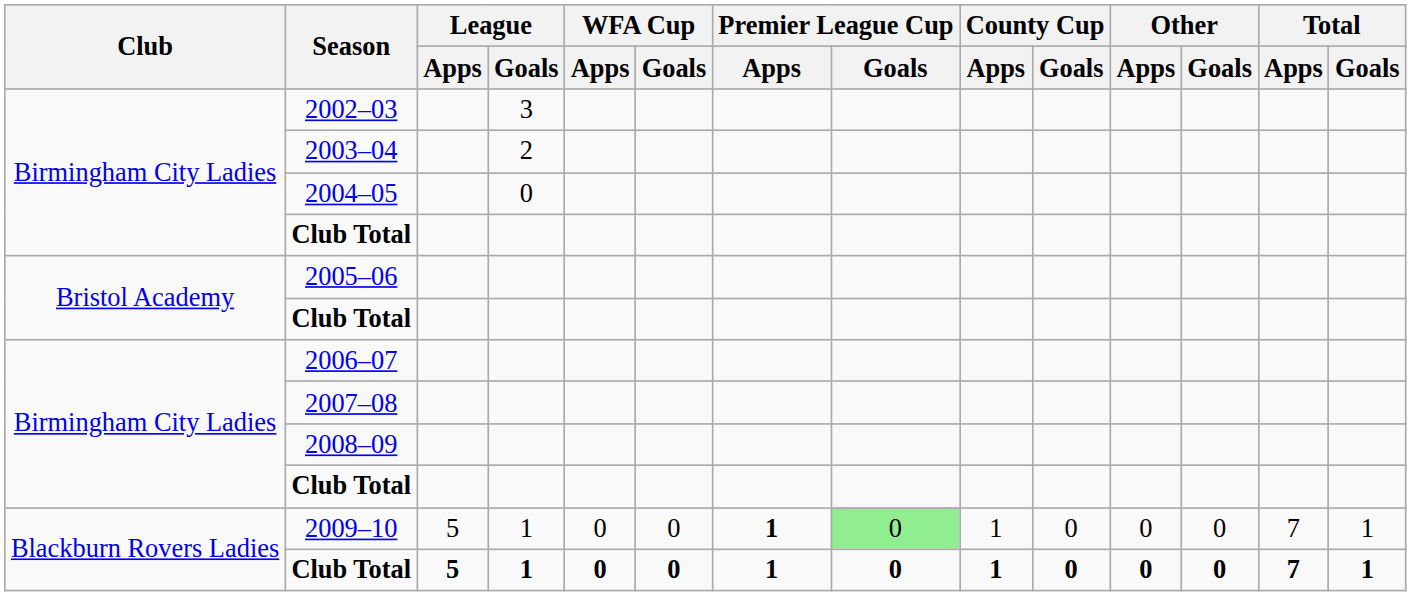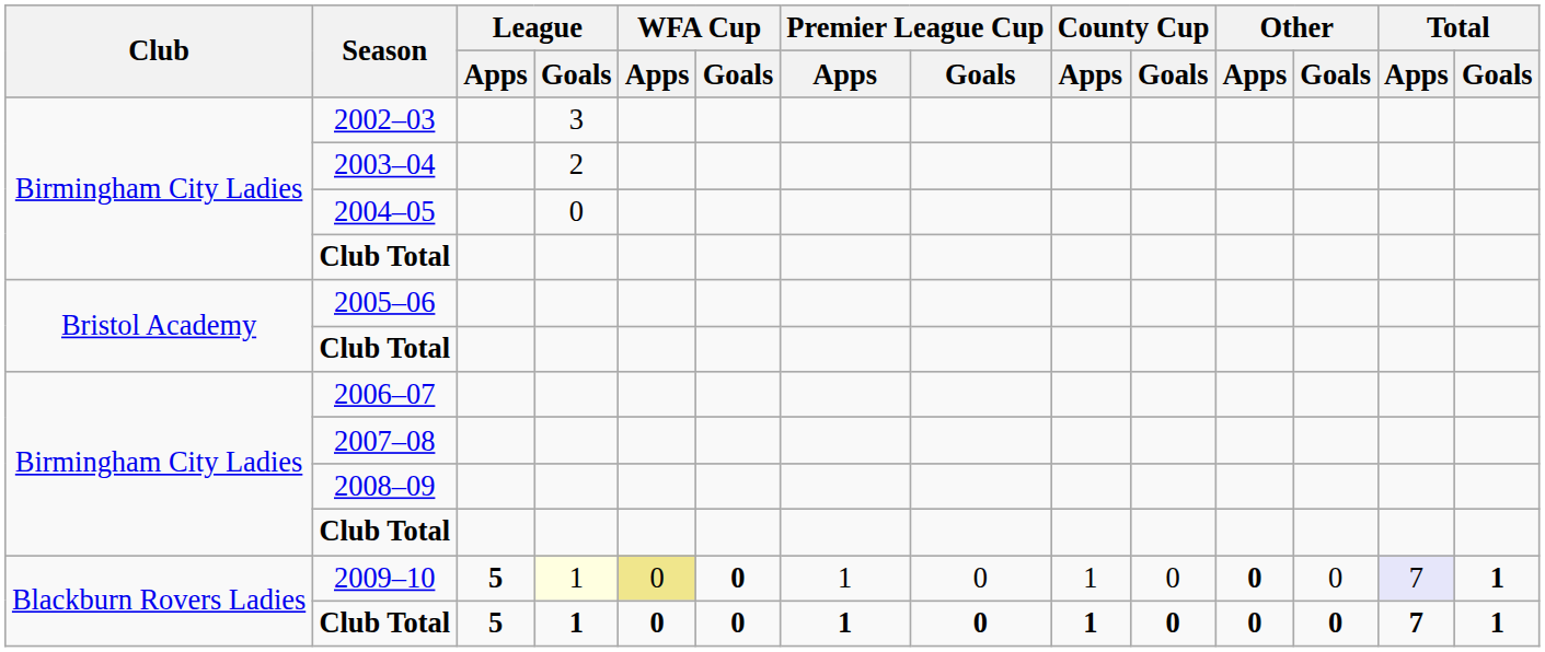 <table class="wikitable" border="1" style="text-align: center;">
 <tr>
 <th rowspan=2>Club</th>
 <th rowspan=2>Season</th>
 <th colspan=2>League</th>
 <th colspan=2>WFA Cup</th>
 <th colspan=2>Premier League Cup</th>
 <th colspan=2>County Cup</th>
 <th colspan=2>Other</th>
 <th colspan=2>Total</th>
 </tr>
 <tr>
 <th>Apps</th>
 <th>Goals</th>
 <th>Apps</th>
 <th>Goals</th>
 <th>Apps</th>
 <th>Goals</th>
 <th>Apps</th>
 <th>Goals</th>
 <th>Apps</th>
 <th>Goals</th>
 <th>Apps</th>
 <th>Goals</th>
 </tr>
 <tr>
 <td rowspan=4 valign="center"><a href='#'>Birmingham City Ladies</a></td>
 <td><a href='#'>2002–03</a></td>
 <td></td>
 <td>3</td>
 <td></td>
 <td></td>
 <td></td>
 <td></td>
 <td></td>
 <td></td>
 <td></td>
 <td></td>
 <td></td>
 <td></td>
 </tr>
 <tr>
 <td><a href='#'>2003–04</a></td>
 <td></td>
 <td>2</td>
 <td></td>
 <td></td>
 <td></td>
 <td></td>
 <td></td>
 <td></td>
 <td></td>
 <td></td>
 <td></td>
 <td></td>
 </tr>
 <tr>
 <td><a href='#'>2004–05</a></td>
 <td></td>
 <td>0</td>
 <td></td>
 <td></td>
 <td></td>
 <td></td>
 <td></td>
 <td></td>
 <td></td>
 <td></td>
 <td></td>
 <td></td>
 </tr>
 <tr>
 <td><strong>Club Total</strong></td>
 <td><strong> </strong></td>
 <td><strong> </strong></td>
 <td><strong> </strong></td>
 <td><strong> </strong></td>
 <td><strong> </strong></td>
 <td><strong> </strong></td>
 <td><strong> </strong></td>
 <td><strong> </strong></td>
 <td><strong> </strong></td>
 <td><strong> </strong></td>
 <td><strong> </strong></td>
 <td><strong> </strong></td>
 </tr>
 <tr>
 <td rowspan=2 valign="center"><a href='#'>Bristol Academy</a></td>
 <td><a href='#'>2005–06</a></td>
 <td></td>
 <td></td>
 <td></td>
 <td></td>
 <td></td>
 <td></td>
 <td></td>
 <td></td>
 <td></td>
 <td></td>
 <td></td>
 <td></td>
 </tr>
 <tr>
 <td><strong>Club Total</strong></td>
 <td><strong> </strong></td>
 <td><strong> </strong></td>
 <td><strong> </strong></td>
 <td><strong> </strong></td>
 <td><strong> </strong></td>
 <td><strong> </strong></td>
 <td><strong> </strong></td>
 <td><strong> </strong></td>
 <td><strong> </strong></td>
 <td><strong> </strong></td>
 <td><strong> </strong></td>
 <td><strong> </strong></td>
 </tr>
 <tr>
 <td rowspan=4 valign="center"><a href='#'>Birmingham City Ladies</a></td>
 <td><a href='#'>2006–07</a></td>
 <td></td>
 <td></td>
 <td></td>
 <td></td>
 <td></td>
 <td></td>
 <td></td>
 <td></td>
 <td></td>
 <td></td>
 <td></td>
 <td></td>
 </tr>
 <tr>
 <td><a href='#'>2007–08</a></td>
 <td></td>
 <td></td>
 <td></td>
 <td></td>
 <td></td>
 <td></td>
 <td></td>
 <td></td>
 <td></td>
 <td></td>
 <td></td>
 <td></td>
 </tr>
 <tr>
 <td><a href='#'>2008–09</a></td>
 <td></td>
 <td></td>
 <td></td>
 <td></td>
 <td></td>
 <td></td>
 <td></td>
 <td></td>
 <td></td>
 <td></td>
 <td></td>
 <td></td>
 </tr>
 <tr>
 <td><strong>Club Total</strong></td>
 <td><strong> </strong></td>
 <td><strong> </strong></td>
 <td><strong> </strong></td>
 <td><strong> </strong></td>
 <td><strong> </strong></td>
 <td><strong> </strong></td>
 <td><strong> </strong></td>
 <td><strong> </strong></td>
 <td><strong> </strong></td>
 <td><strong> </strong></td>
 <td><strong> </strong></td>
 <td><strong> </strong></td>
 </tr>
 <tr>
 <td rowspan=2 valign="center"><a href='#'>Blackburn Rovers Ladies</a></td>
 <td><a href='#'>2009–10</a></td>
-<td>5</td>
+<td><strong>5</strong></td>
+<td style="background: lightyellow;">1</td>
+<td style="background: khaki;">0</td>
+<td><strong>0</strong></td>
 <td>1</td>
 <td>0</td>
-<td>0</td>
-<td><strong>1</strong></td>
-<td style="background: lightgreen;">0</td>
 <td>1</td>
 <td>0</td>
+<td><strong>0</strong></td>
 <td>0</td>
-<td>0</td>
-<td>7</td>
-<td>1</td>
+<td style="background: lavender;">7</td>
+<td><strong>1</strong></td>
 </tr>
 <tr>
 <td><strong>Club Total</strong></td>
 <td><strong>5</strong></td>
 <td><strong>1</strong></td>
 <td><strong>0</strong></td>
 <td><strong>0</strong></td>
 <td><strong>1</strong></td>
 <td><strong>0</strong></td>
 <td><strong>1</strong></td>
 <td><strong>0</strong></td>
 <td><strong>0</strong></td>
 <td><strong>0</strong></td>
 <td><strong>7</strong></td>
 <td><strong>1</strong></td>
 </tr>
 </table>
